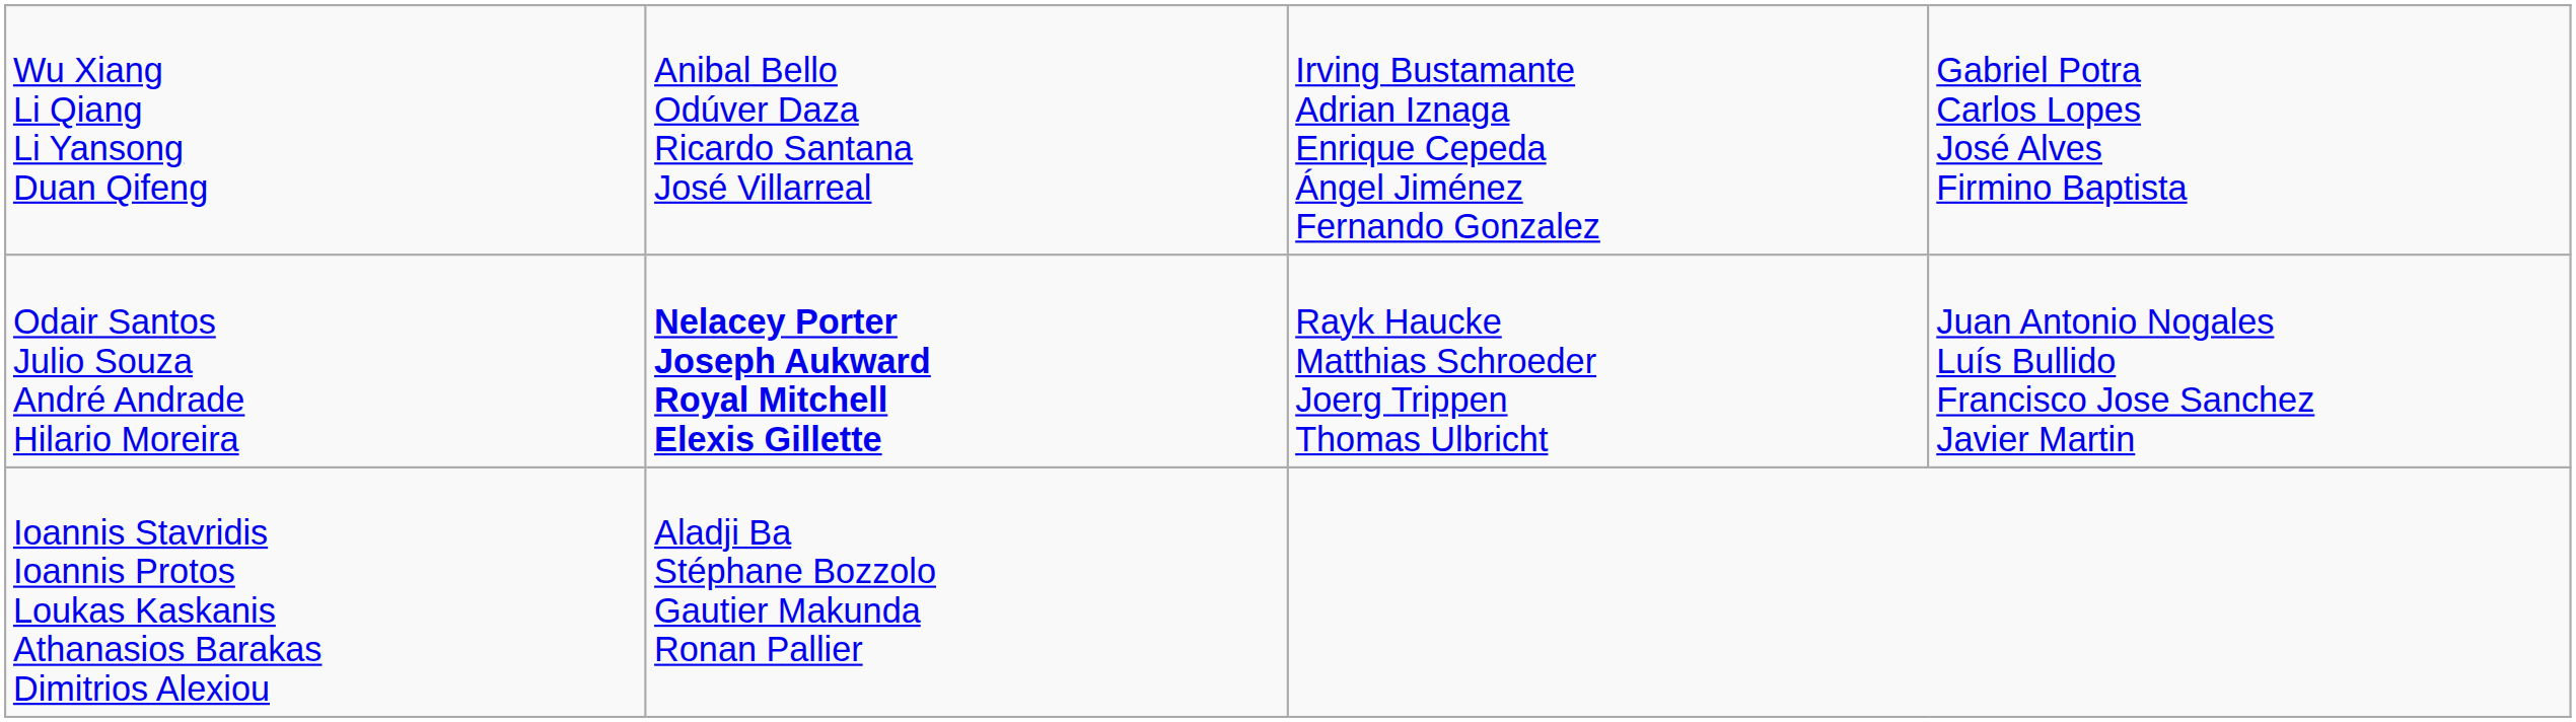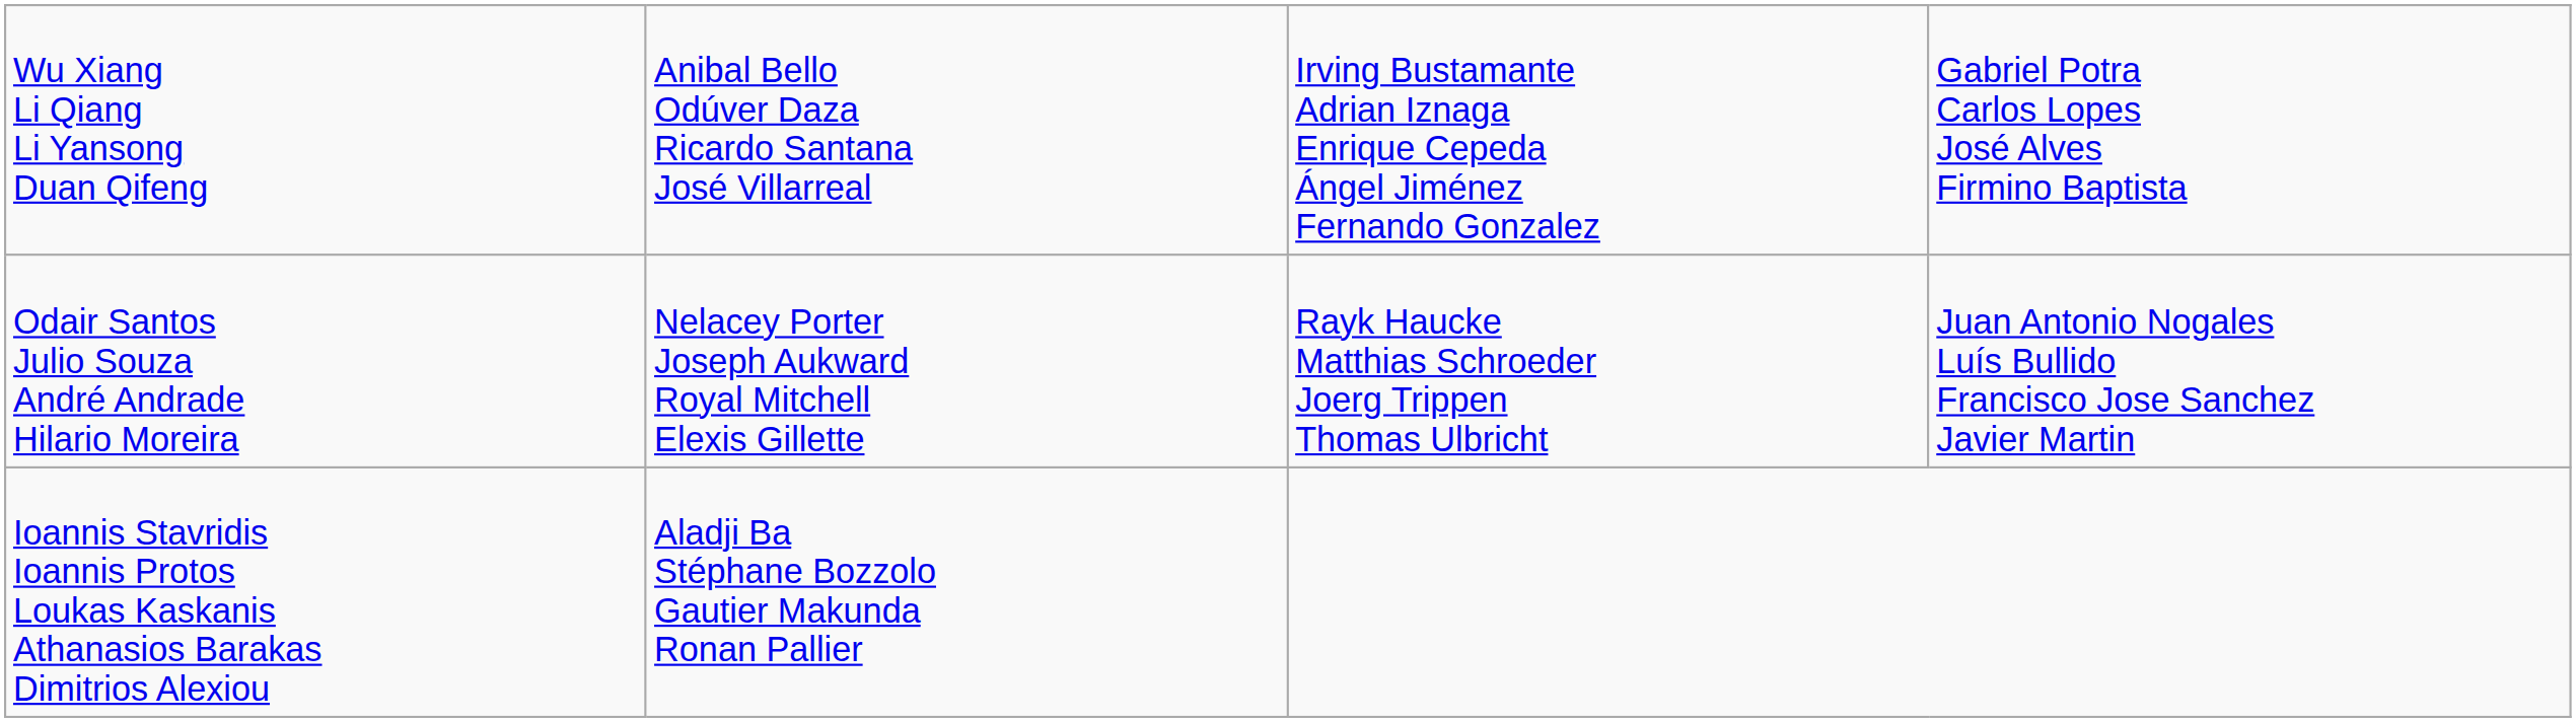 <table class="wikitable">
 <tr>
 <td style="vertical-align:top; width:18em"><br><a href='#'>Wu Xiang</a><br><a href='#'>Li Qiang</a><br><a href='#'>Li Yansong</a><br><a href='#'>Duan Qifeng</a></td>
 <td style="vertical-align:top; width:18em"><br><a href='#'>Anibal Bello</a><br><a href='#'>Odúver Daza</a><br><a href='#'>Ricardo Santana</a><br><a href='#'>José Villarreal</a></td>
 <td style="vertical-align:top; width:18em"><br><a href='#'>Irving Bustamante</a><br><a href='#'>Adrian Iznaga</a><br><a href='#'>Enrique Cepeda</a><br><a href='#'>Ángel Jiménez</a><br><a href='#'>Fernando Gonzalez</a></td>
 <td style="vertical-align:top; width:18em"><br><a href='#'>Gabriel Potra</a><br><a href='#'>Carlos Lopes</a><br><a href='#'>José Alves</a><br><a href='#'>Firmino Baptista</a></td>
 </tr>
 <tr>
 <td style="vertical-align:top; width:18em"><br><a href='#'>Odair Santos</a><br><a href='#'>Julio Souza</a><br><a href='#'>André Andrade</a><br><a href='#'>Hilario Moreira</a></td>
-<td style="vertical-align:top; width:18em"><strong><br><a href='#'>Nelacey Porter</a><br><a href='#'>Joseph Aukward</a><br><a href='#'>Royal Mitchell</a><br><a href='#'>Elexis Gillette</a></strong></td>
+<td style="vertical-align:top; width:18em"><br><a href='#'>Nelacey Porter</a><br><a href='#'>Joseph Aukward</a><br><a href='#'>Royal Mitchell</a><br><a href='#'>Elexis Gillette</a></td>
 <td style="vertical-align:top; width:18em"><br><a href='#'>Rayk Haucke</a><br><a href='#'>Matthias Schroeder</a><br><a href='#'>Joerg Trippen</a><br><a href='#'>Thomas Ulbricht</a></td>
 <td style="vertical-align:top; width:18em"><br><a href='#'>Juan Antonio Nogales</a><br><a href='#'>Luís Bullido</a><br><a href='#'>Francisco Jose Sanchez</a><br><a href='#'>Javier Martin</a></td>
 </tr>
 <tr>
 <td style="vertical-align:top; width:18em"><br><a href='#'>Ioannis Stavridis</a><br><a href='#'>Ioannis Protos</a><br><a href='#'>Loukas Kaskanis</a><br><a href='#'>Athanasios Barakas</a><br><a href='#'>Dimitrios Alexiou</a></td>
 <td style="vertical-align:top; width:18em"><br><a href='#'>Aladji Ba</a><br><a href='#'>Stéphane Bozzolo</a><br><a href='#'>Gautier Makunda</a><br><a href='#'>Ronan Pallier</a></td>
 </tr>
 </table>
